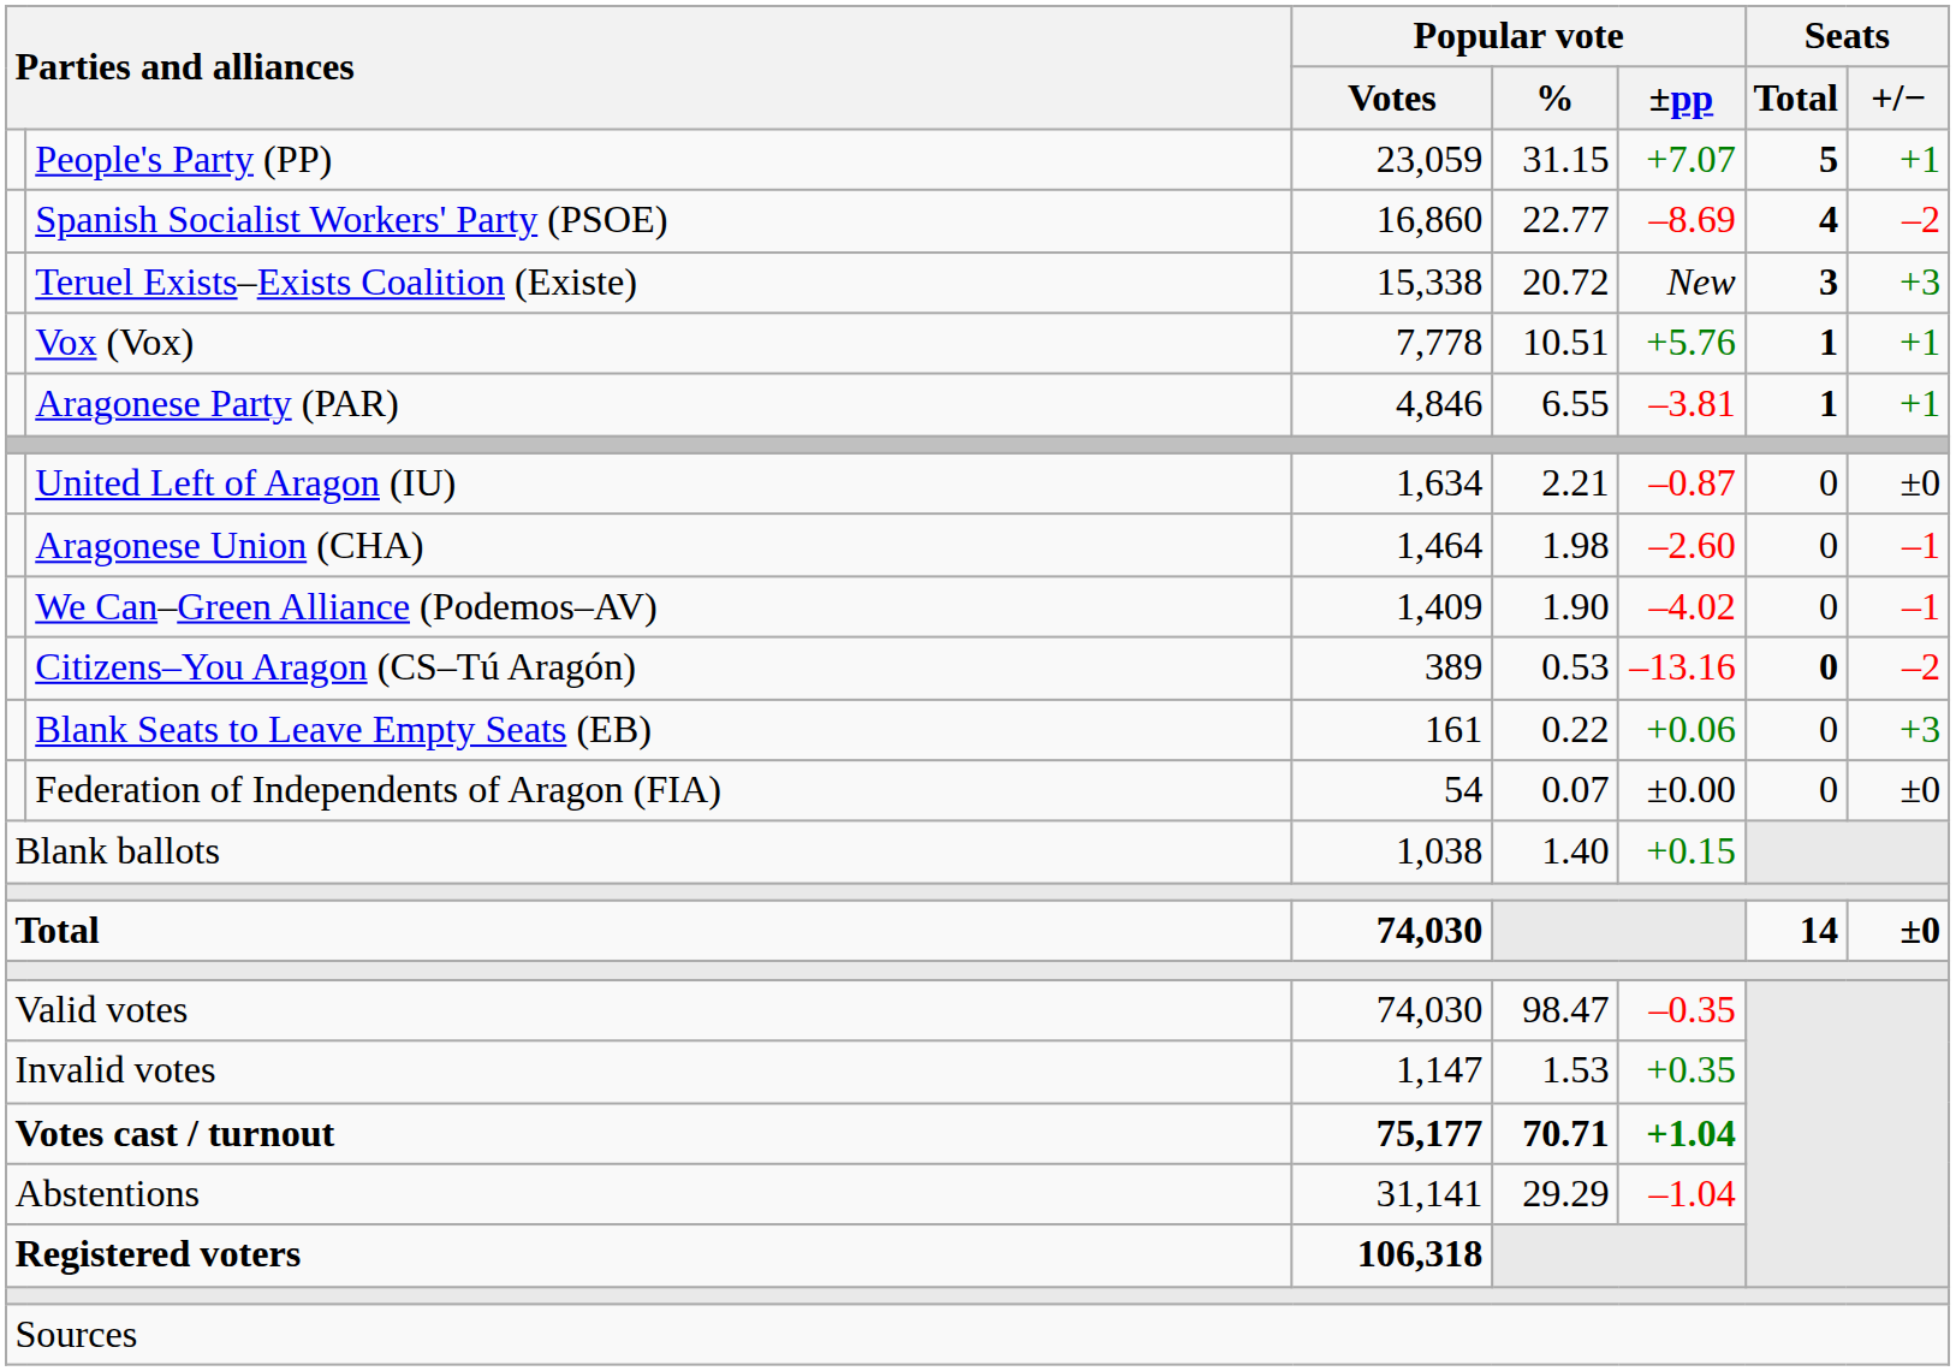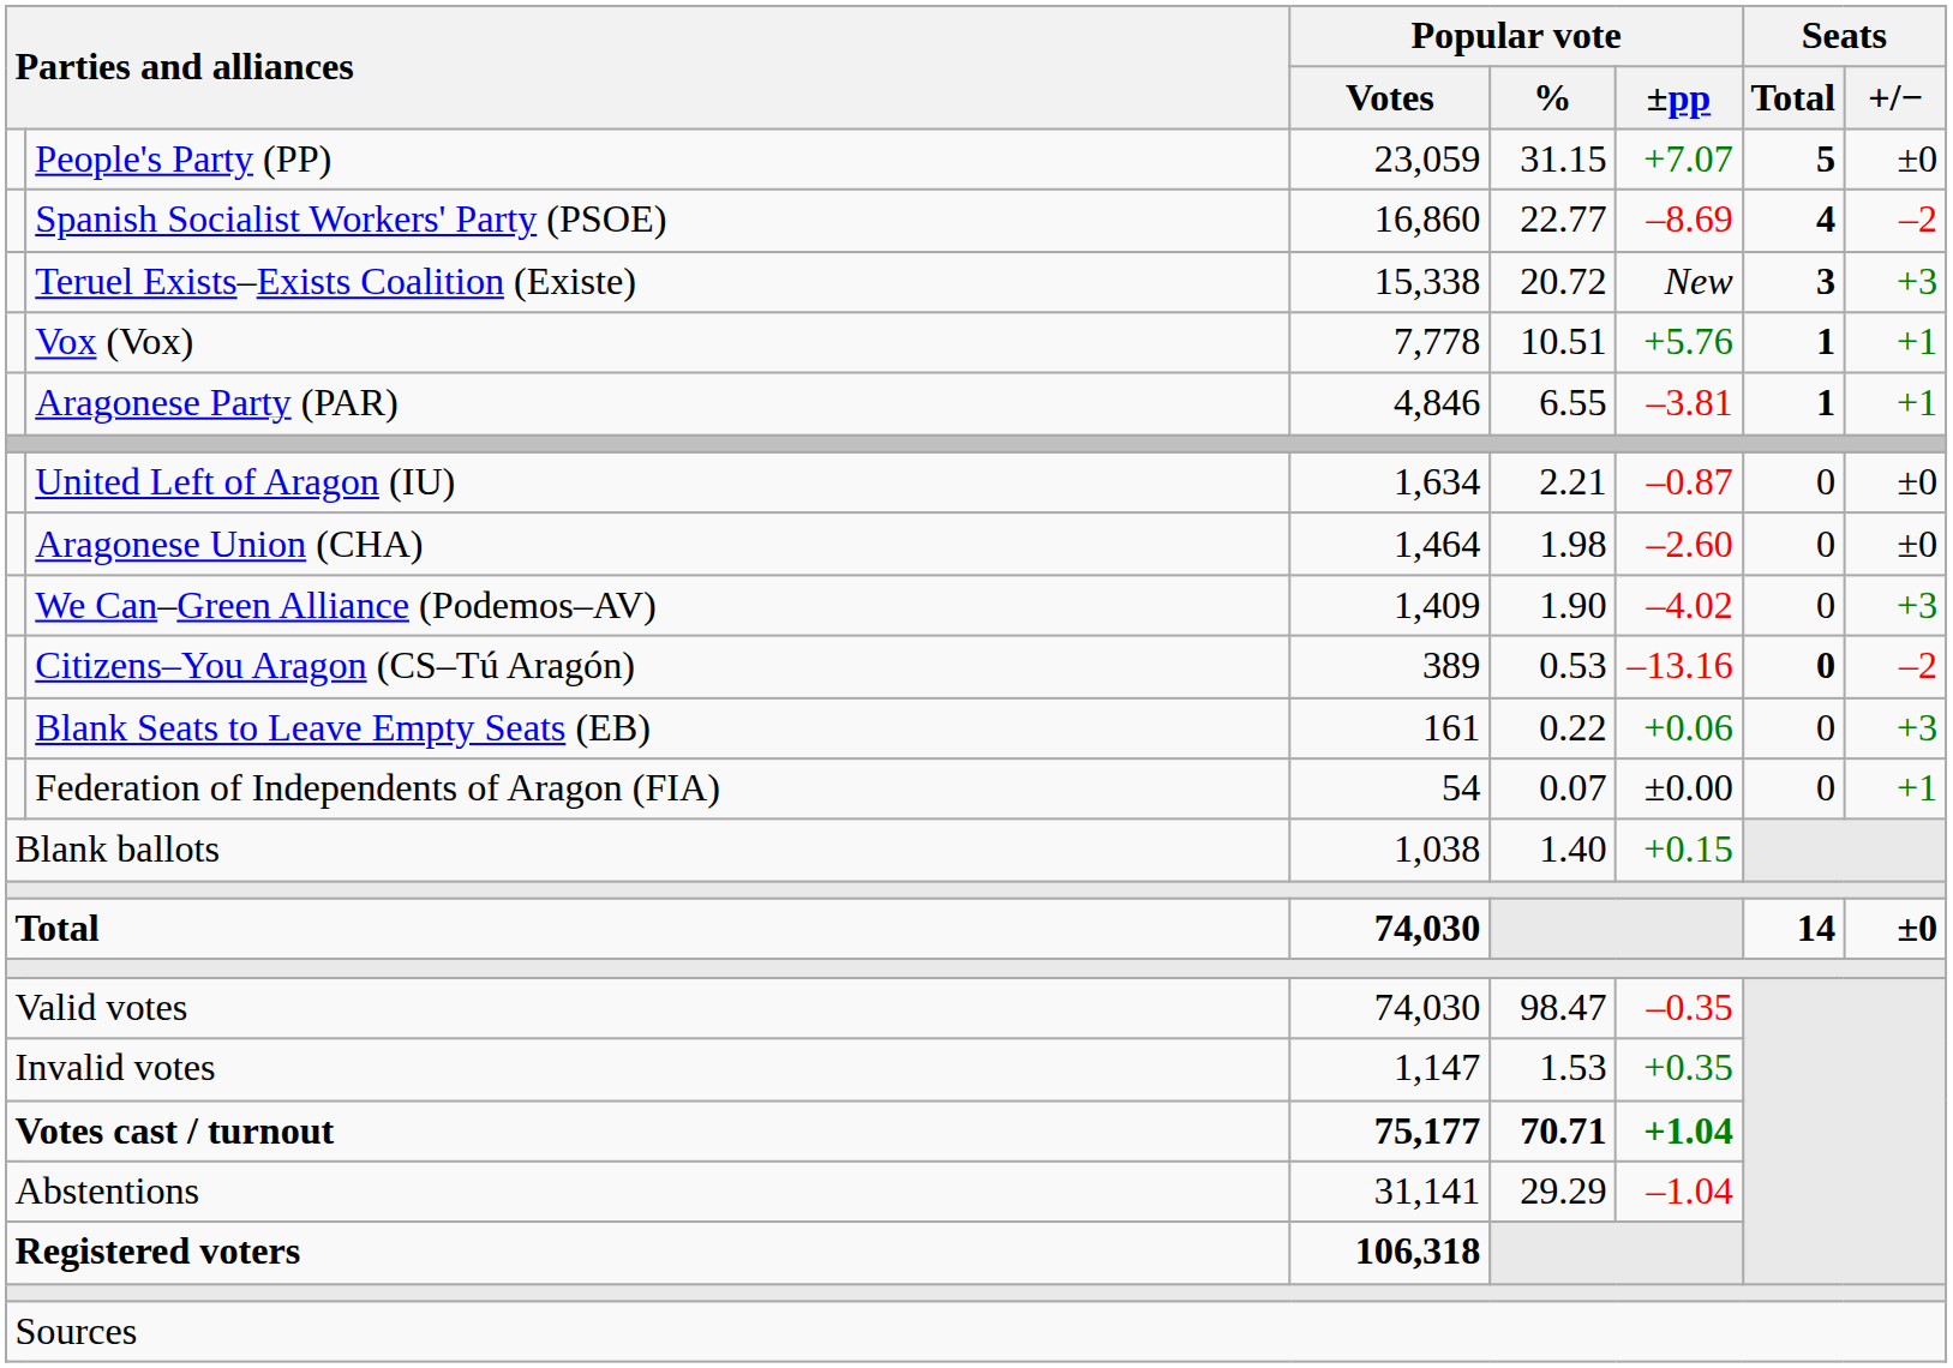 <table class="wikitable" style="text-align:right;">
 <tr>
 <th style="text-align:left;" rowspan="2" colspan="2" width="525">Parties and alliances</th>
 <th colspan="3">Popular vote</th>
 <th colspan="2">Seats</th>
 </tr>
 <tr>
 <th width="75">Votes</th>
 <th width="45">%</th>
 <th width="45">±<a href='#'>pp</a></th>
 <th width="35">Total</th>
 <th width="35">+/−</th>
 </tr>
 <tr>
 <td width="1" style="color:inherit;background:"></td>
 <td align="left"><a href='#'>People's Party</a> (PP)</td>
 <td>23,059</td>
 <td>31.15</td>
 <td style="color:green;">+7.07</td>
 <td><strong>5</strong></td>
-<td style="color:green;">+1</td>
+<td>±0</td>
 </tr>
 <tr>
 <td style="color:inherit;background:"></td>
 <td align="left"><a href='#'>Spanish Socialist Workers' Party</a> (PSOE)</td>
 <td>16,860</td>
 <td>22.77</td>
 <td style="color:red;">–8.69</td>
 <td><strong>4</strong></td>
 <td style="color:red;">–2</td>
 </tr>
 <tr>
 <td style="color:inherit;background:"></td>
 <td align="left"><a href='#'>Teruel Exists</a>–<a href='#'>Exists Coalition</a> (Existe)</td>
 <td>15,338</td>
 <td>20.72</td>
 <td><em>New</em></td>
 <td><strong>3</strong></td>
 <td style="color:green;">+3</td>
 </tr>
 <tr>
 <td style="color:inherit;background:"></td>
 <td align="left"><a href='#'>Vox</a> (Vox)</td>
 <td>7,778</td>
 <td>10.51</td>
 <td style="color:green;">+5.76</td>
 <td><strong>1</strong></td>
 <td style="color:green;">+1</td>
 </tr>
 <tr>
 <td style="color:inherit;background:"></td>
 <td align="left"><a href='#'>Aragonese Party</a> (PAR)</td>
 <td>4,846</td>
 <td>6.55</td>
 <td style="color:red;">–3.81</td>
 <td><strong>1</strong></td>
 <td style="color:green;">+1</td>
 </tr>
 <tr>
 <td colspan="7" bgcolor="#C0C0C0"></td>
 </tr>
 <tr>
 <td style="color:inherit;background:"></td>
 <td align="left"><a href='#'>United Left of Aragon</a> (IU)</td>
 <td>1,634</td>
 <td>2.21</td>
 <td style="color:red;">–0.87</td>
 <td>0</td>
 <td>±0</td>
 </tr>
 <tr>
 <td style="color:inherit;background:"></td>
 <td align="left"><a href='#'>Aragonese Union</a> (CHA)</td>
 <td>1,464</td>
 <td>1.98</td>
 <td style="color:red;">–2.60</td>
 <td>0</td>
-<td style="color:red;">–1</td>
+<td>±0</td>
 </tr>
 <tr>
 <td style="color:inherit;background:"></td>
 <td align="left"><a href='#'>We Can</a>–<a href='#'>Green Alliance</a> (Podemos–AV)</td>
 <td>1,409</td>
 <td>1.90</td>
 <td style="color:red;">–4.02</td>
 <td>0</td>
-<td style="color:red;">–1</td>
+<td style="color:green;">+3</td>
 </tr>
 <tr>
 <td style="color:inherit;background:"></td>
 <td align="left"><a href='#'>Citizens–You Aragon</a> (CS–Tú Aragón)</td>
 <td>389</td>
 <td>0.53</td>
 <td style="color:red;">–13.16</td>
 <td><strong>0</strong></td>
 <td style="color:red;">–2</td>
 </tr>
 <tr>
 <td style="color:inherit;background:"></td>
 <td align="left"><a href='#'>Blank Seats to Leave Empty Seats</a> (EB)</td>
 <td>161</td>
 <td>0.22</td>
 <td style="color:green;">+0.06</td>
 <td>0</td>
 <td style="color:green;">+3</td>
 </tr>
 <tr>
 <td style="color:inherit;background:"></td>
 <td align="left">Federation of Independents of Aragon (FIA)</td>
 <td>54</td>
 <td>0.07</td>
 <td>±0.00</td>
 <td>0</td>
-<td>±0</td>
+<td style="color:green;">+1</td>
 </tr>
 <tr>
 <td align="left" colspan="2">Blank ballots</td>
 <td>1,038</td>
 <td>1.40</td>
 <td style="color:green;">+0.15</td>
 <td bgcolor="#E9E9E9" colspan="2"></td>
 </tr>
 <tr>
 <td colspan="7" bgcolor="#E9E9E9"></td>
 </tr>
 <tr style="font-weight:bold;">
 <td align="left" colspan="2">Total</td>
 <td>74,030</td>
 <td bgcolor="#E9E9E9" colspan="2"></td>
 <td>14</td>
 <td>±0</td>
 </tr>
 <tr>
 <td colspan="7" bgcolor="#E9E9E9"></td>
 </tr>
 <tr>
 <td align="left" colspan="2">Valid votes</td>
 <td>74,030</td>
 <td>98.47</td>
 <td style="color:red;">–0.35</td>
 <td bgcolor="#E9E9E9" colspan="2" rowspan="5"></td>
 </tr>
 <tr>
 <td align="left" colspan="2">Invalid votes</td>
 <td>1,147</td>
 <td>1.53</td>
 <td style="color:green;">+0.35</td>
 </tr>
 <tr style="font-weight:bold;">
 <td align="left" colspan="2">Votes cast / turnout</td>
 <td>75,177</td>
 <td>70.71</td>
 <td style="color:green;">+1.04</td>
 </tr>
 <tr>
 <td align="left" colspan="2">Abstentions</td>
 <td>31,141</td>
 <td>29.29</td>
 <td style="color:red;">–1.04</td>
 </tr>
 <tr style="font-weight:bold;">
 <td align="left" colspan="2">Registered voters</td>
 <td>106,318</td>
 <td bgcolor="#E9E9E9" colspan="2"></td>
 </tr>
 <tr>
 <td colspan="7" bgcolor="#E9E9E9"></td>
 </tr>
 <tr>
 <td align="left" colspan="7">Sources</td>
 </tr>
 </table>
